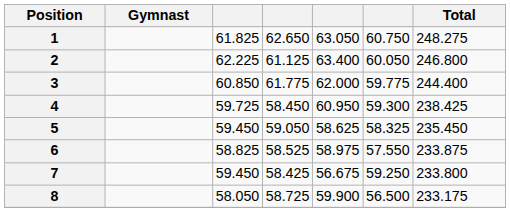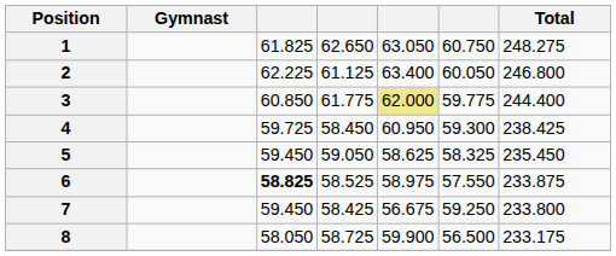 <table class="wikitable sortable" style="text-align:left; ">
 <tr>
 <th>Position</th>
 <th>Gymnast</th>
 <th width="10%"></th>
 <th width="10%"></th>
 <th width="10%"></th>
 <th width="10%"></th>
 <th>Total</th>
 </tr>
 <tr>
 <th>1</th>
 <td></td>
 <td>61.825</td>
 <td>62.650</td>
 <td>63.050</td>
 <td>60.750</td>
 <td>248.275</td>
 </tr>
 <tr>
 <th>2</th>
 <td></td>
 <td>62.225</td>
 <td>61.125</td>
 <td>63.400</td>
 <td>60.050</td>
 <td>246.800</td>
 </tr>
 <tr>
 <th>3</th>
 <td></td>
 <td>60.850</td>
 <td>61.775</td>
-<td>62.000</td>
+<td style="background: khaki;">62.000</td>
 <td>59.775</td>
 <td>244.400</td>
 </tr>
 <tr>
 <th>4</th>
 <td></td>
 <td>59.725</td>
 <td>58.450</td>
 <td>60.950</td>
 <td>59.300</td>
 <td>238.425</td>
 </tr>
 <tr>
 <th>5</th>
 <td></td>
 <td>59.450</td>
 <td>59.050</td>
 <td>58.625</td>
 <td>58.325</td>
 <td>235.450</td>
 </tr>
 <tr>
 <th>6</th>
 <td></td>
-<td>58.825</td>
+<td><strong>58.825</strong></td>
 <td>58.525</td>
 <td>58.975</td>
 <td>57.550</td>
 <td>233.875</td>
 </tr>
 <tr>
 <th>7</th>
 <td></td>
 <td>59.450</td>
 <td>58.425</td>
 <td>56.675</td>
 <td>59.250</td>
 <td>233.800</td>
 </tr>
 <tr>
 <th>8</th>
 <td></td>
 <td>58.050</td>
 <td>58.725</td>
 <td>59.900</td>
 <td>56.500</td>
 <td>233.175</td>
 </tr>
 <tr>
 </tr>
 </table>
